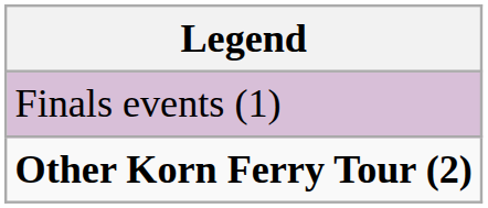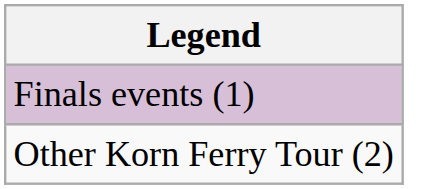 <table class="wikitable" style="font-size:95%;">
 <tr>
 <th>Legend</th>
 </tr>
 <tr style="background:#D8BFD8;">
 <td>Finals events (1)</td>
 </tr>
 <tr>
-<td><strong>Other Korn Ferry Tour (2)</strong></td>
+<td>Other Korn Ferry Tour (2)</td>
 </tr>
 </table>
